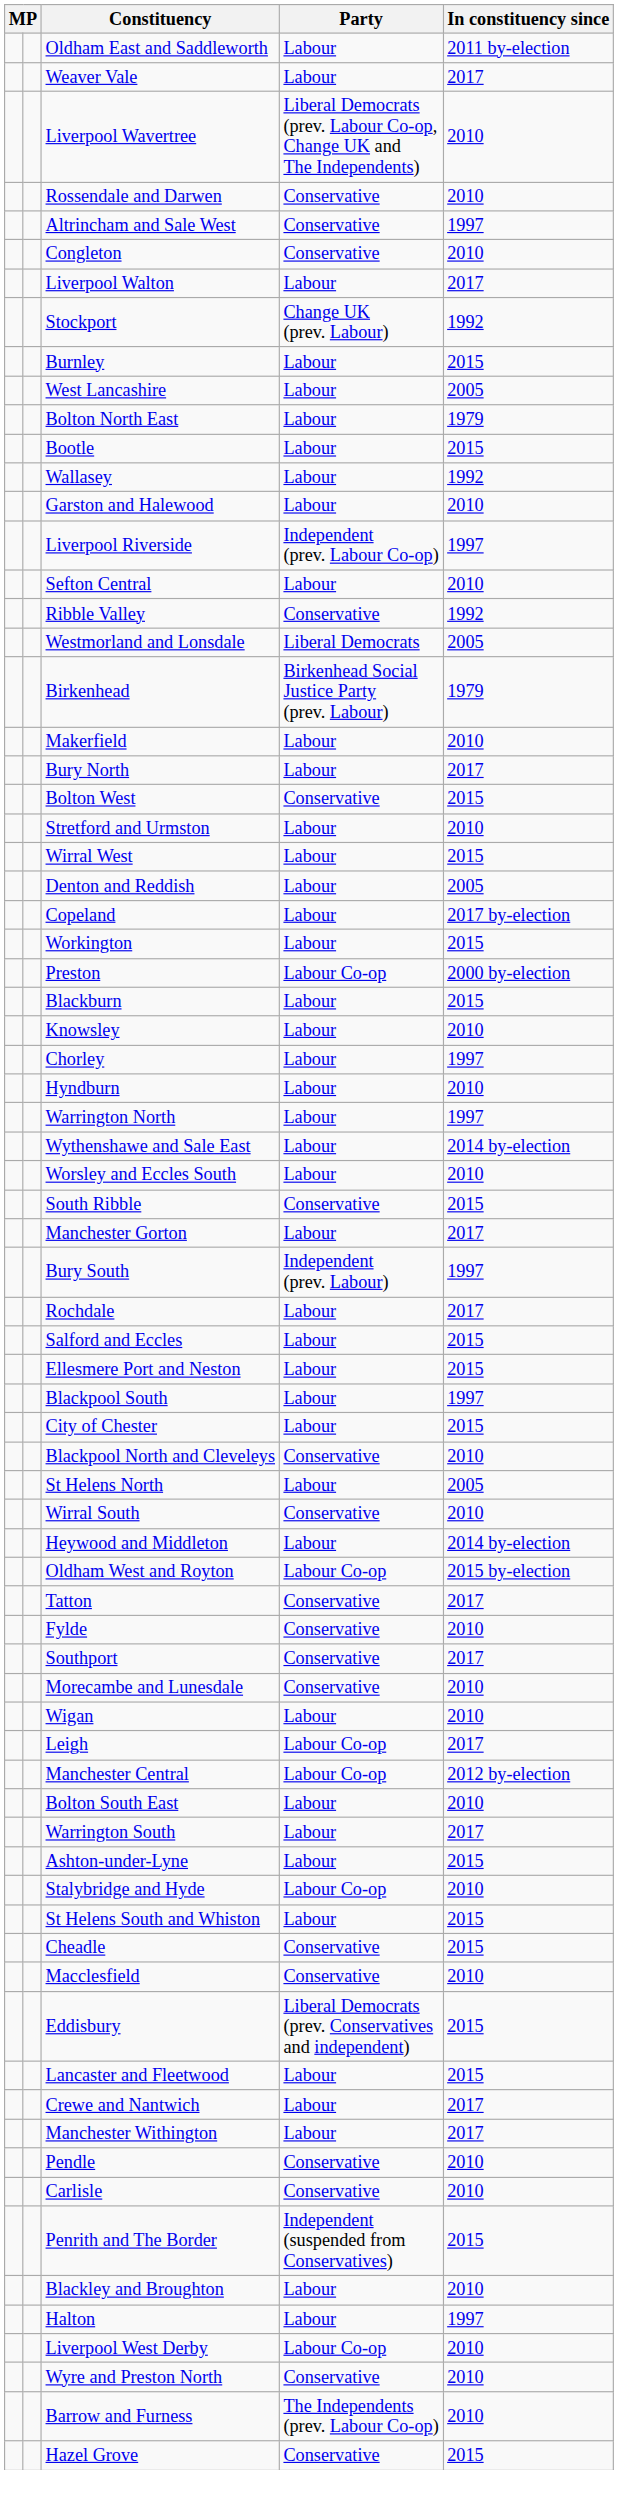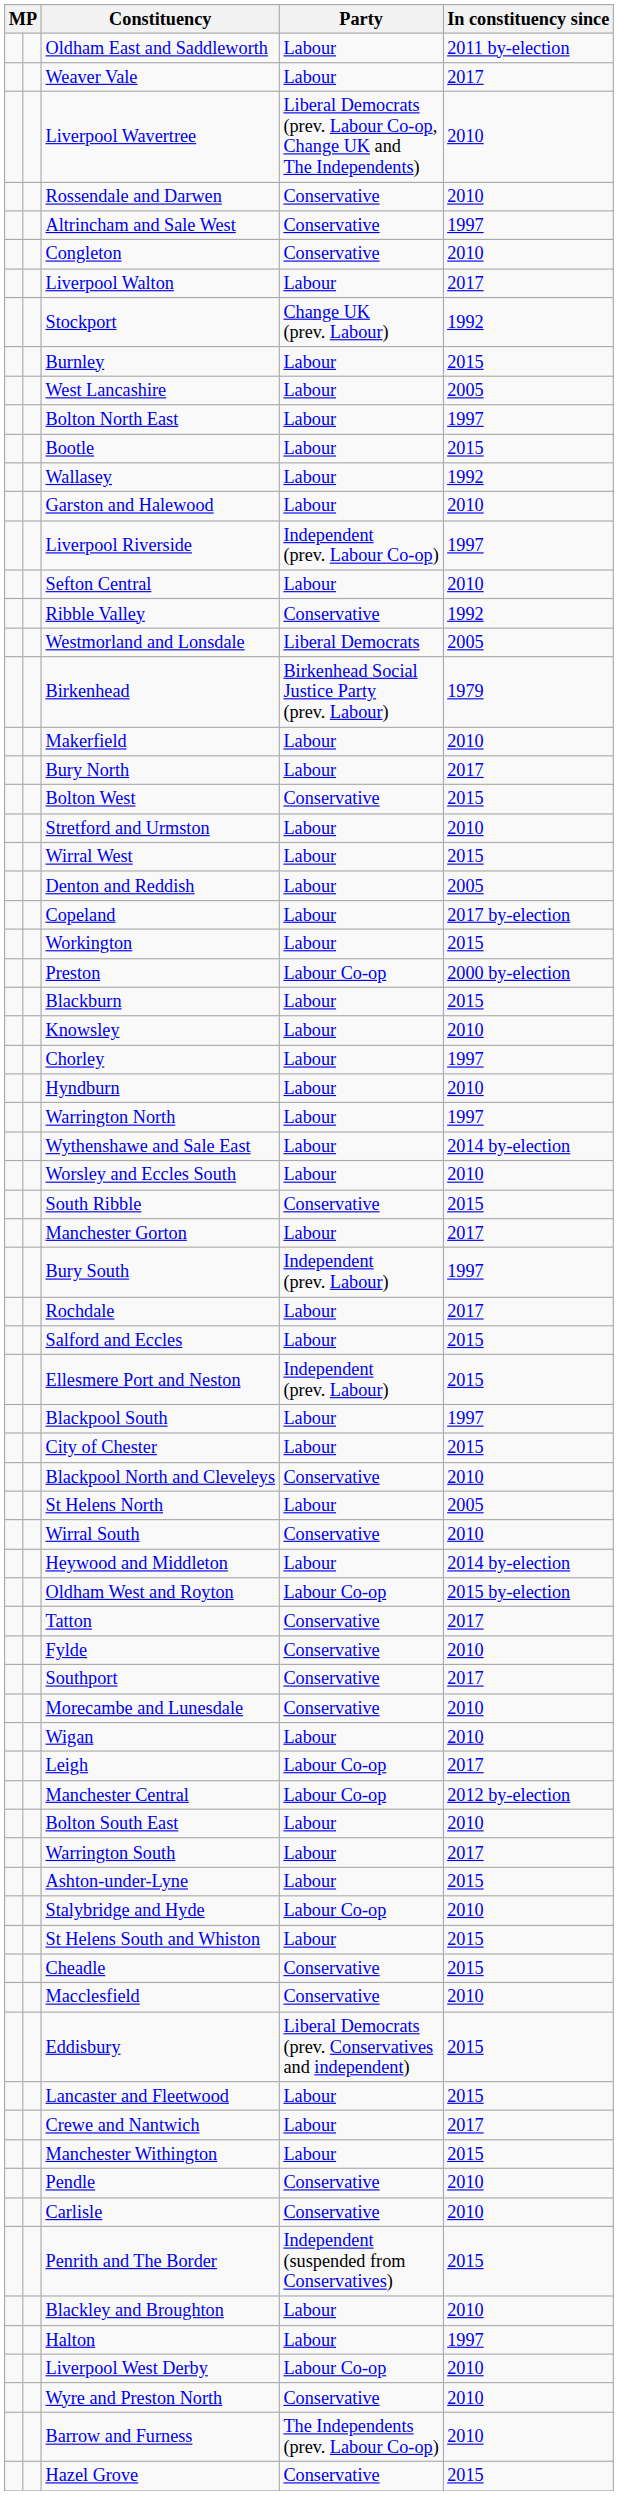 <table class="wikitable sortable">
 <tr>
 <th colspan=2>MP</th>
 <th>Constituency</th>
 <th>Party</th>
 <th>In constituency since</th>
 </tr>
 <tr>
 <td style="background-color: "></td>
 <td></td>
 <td><a href='#'>Oldham East and Saddleworth</a></td>
 <td><a href='#'>Labour</a></td>
 <td><a href='#'>2011 by-election</a></td>
 </tr>
 <tr>
 <td style="background-color: "></td>
 <td></td>
 <td><a href='#'>Weaver Vale</a></td>
 <td><a href='#'>Labour</a></td>
 <td><a href='#'>2017</a></td>
 </tr>
 <tr>
 <td></td>
 <td></td>
 <td><a href='#'>Liverpool Wavertree</a></td>
 <td><a href='#'>Liberal Democrats</a><br>(prev. <a href='#'>Labour Co-op</a>,<br><a href='#'>Change UK</a> and<br><a href='#'>The Independents</a>)</td>
 <td><a href='#'>2010</a></td>
 </tr>
 <tr>
 <td style="background-color: "></td>
 <td></td>
 <td><a href='#'>Rossendale and Darwen</a></td>
 <td><a href='#'>Conservative</a></td>
 <td><a href='#'>2010</a></td>
 </tr>
 <tr>
 <td style="background-color: "></td>
 <td></td>
 <td><a href='#'>Altrincham and Sale West</a></td>
 <td><a href='#'>Conservative</a></td>
 <td><a href='#'>1997</a></td>
 </tr>
 <tr>
 <td style="background-color: "></td>
 <td></td>
 <td><a href='#'>Congleton</a></td>
 <td><a href='#'>Conservative</a></td>
 <td><a href='#'>2010</a></td>
 </tr>
 <tr>
 <td style="background-color: "></td>
 <td></td>
 <td><a href='#'>Liverpool Walton</a></td>
 <td><a href='#'>Labour</a></td>
 <td><a href='#'>2017</a></td>
 </tr>
 <tr>
 <td style="background-color: "></td>
 <td></td>
 <td><a href='#'>Stockport</a></td>
 <td><a href='#'>Change UK</a><br>(prev. <a href='#'>Labour</a>)</td>
 <td><a href='#'>1992</a></td>
 </tr>
 <tr>
 <td style="background-color: "></td>
 <td></td>
 <td><a href='#'>Burnley</a></td>
 <td><a href='#'>Labour</a></td>
 <td><a href='#'>2015</a></td>
 </tr>
 <tr>
 <td style="background-color: "></td>
 <td></td>
 <td><a href='#'>West Lancashire</a></td>
 <td><a href='#'>Labour</a></td>
 <td><a href='#'>2005</a></td>
 </tr>
 <tr>
 <td style="background-color: "></td>
 <td></td>
 <td><a href='#'>Bolton North East</a></td>
 <td><a href='#'>Labour</a></td>
-<td><a href='#'>1979</a></td>
+<td><a href='#'>1997</a></td>
 </tr>
 <tr>
 <td style="background-color: "></td>
 <td></td>
 <td><a href='#'>Bootle</a></td>
 <td><a href='#'>Labour</a></td>
 <td><a href='#'>2015</a></td>
 </tr>
 <tr>
 <td style="background-color: "></td>
 <td></td>
 <td><a href='#'>Wallasey</a></td>
 <td><a href='#'>Labour</a></td>
 <td><a href='#'>1992</a></td>
 </tr>
 <tr>
 <td style="background-color: "></td>
 <td></td>
 <td><a href='#'>Garston and Halewood</a></td>
 <td><a href='#'>Labour</a></td>
 <td><a href='#'>2010</a></td>
 </tr>
 <tr>
 <td style="background-color: "></td>
 <td></td>
 <td><a href='#'>Liverpool Riverside</a></td>
 <td><a href='#'>Independent</a><br>(prev. <a href='#'>Labour Co-op</a>)</td>
 <td><a href='#'>1997</a></td>
 </tr>
 <tr>
 <td style="background-color: "></td>
 <td></td>
 <td><a href='#'>Sefton Central</a></td>
 <td><a href='#'>Labour</a></td>
 <td><a href='#'>2010</a></td>
 </tr>
 <tr>
 <td style="background-color: "></td>
 <td></td>
 <td><a href='#'>Ribble Valley</a></td>
 <td><a href='#'>Conservative</a></td>
 <td><a href='#'>1992</a></td>
 </tr>
 <tr>
 <td style="background-color: "></td>
 <td></td>
 <td><a href='#'>Westmorland and Lonsdale</a></td>
 <td><a href='#'>Liberal Democrats</a></td>
 <td><a href='#'>2005</a></td>
 </tr>
 <tr>
 <td style="background-color: "></td>
 <td></td>
 <td><a href='#'>Birkenhead</a></td>
 <td><a href='#'>Birkenhead Social<br>Justice Party</a><br>(prev. <a href='#'>Labour</a>)</td>
 <td><a href='#'>1979</a></td>
 </tr>
 <tr>
 <td style="background-color: "></td>
 <td></td>
 <td><a href='#'>Makerfield</a></td>
 <td><a href='#'>Labour</a></td>
 <td><a href='#'>2010</a></td>
 </tr>
 <tr>
 <td style="background-color: "></td>
 <td></td>
 <td><a href='#'>Bury North</a></td>
 <td><a href='#'>Labour</a></td>
 <td><a href='#'>2017</a></td>
 </tr>
 <tr>
 <td style="background-color: "></td>
 <td></td>
 <td><a href='#'>Bolton West</a></td>
 <td><a href='#'>Conservative</a></td>
 <td><a href='#'>2015</a></td>
 </tr>
 <tr>
 <td style="background-color: "></td>
 <td></td>
 <td><a href='#'>Stretford and Urmston</a></td>
 <td><a href='#'>Labour</a></td>
 <td><a href='#'>2010</a></td>
 </tr>
 <tr>
 <td style="background-color: "></td>
 <td></td>
 <td><a href='#'>Wirral West</a></td>
 <td><a href='#'>Labour</a></td>
 <td><a href='#'>2015</a></td>
 </tr>
 <tr>
 <td style="background-color: "></td>
 <td></td>
 <td><a href='#'>Denton and Reddish</a></td>
 <td><a href='#'>Labour</a></td>
 <td><a href='#'>2005</a></td>
 </tr>
 <tr>
 <td style="background-color: "></td>
 <td></td>
 <td><a href='#'>Copeland</a></td>
 <td><a href='#'>Labour</a></td>
 <td><a href='#'>2017 by-election</a></td>
 </tr>
 <tr>
 <td style="background-color: "></td>
 <td></td>
 <td><a href='#'>Workington</a></td>
 <td><a href='#'>Labour</a></td>
 <td><a href='#'>2015</a></td>
 </tr>
 <tr>
 <td style="background-color: "></td>
 <td></td>
 <td><a href='#'>Preston</a></td>
 <td><a href='#'>Labour Co-op</a></td>
 <td><a href='#'>2000 by-election</a></td>
 </tr>
 <tr>
 <td style="background-color: "></td>
 <td></td>
 <td><a href='#'>Blackburn</a></td>
 <td><a href='#'>Labour</a></td>
 <td><a href='#'>2015</a></td>
 </tr>
 <tr>
 <td style="background-color: "></td>
 <td></td>
 <td><a href='#'>Knowsley</a></td>
 <td><a href='#'>Labour</a></td>
 <td><a href='#'>2010</a></td>
 </tr>
 <tr>
 <td style="background-color: "></td>
 <td></td>
 <td><a href='#'>Chorley</a></td>
 <td><a href='#'>Labour</a></td>
 <td><a href='#'>1997</a></td>
 </tr>
 <tr>
 <td style="background-color: "></td>
 <td></td>
 <td><a href='#'>Hyndburn</a></td>
 <td><a href='#'>Labour</a></td>
 <td><a href='#'>2010</a></td>
 </tr>
 <tr>
 <td style="background-color: "></td>
 <td></td>
 <td><a href='#'>Warrington North</a></td>
 <td><a href='#'>Labour</a></td>
 <td><a href='#'>1997</a></td>
 </tr>
 <tr>
 <td style="background-color: "></td>
 <td></td>
 <td><a href='#'>Wythenshawe and Sale East</a></td>
 <td><a href='#'>Labour</a></td>
 <td><a href='#'>2014 by-election</a></td>
 </tr>
 <tr>
 <td style="background-color: "></td>
 <td></td>
 <td><a href='#'>Worsley and Eccles South</a></td>
 <td><a href='#'>Labour</a></td>
 <td><a href='#'>2010</a></td>
 </tr>
 <tr>
 <td style="background-color: "></td>
 <td></td>
 <td><a href='#'>South Ribble</a></td>
 <td><a href='#'>Conservative</a></td>
 <td><a href='#'>2015</a></td>
 </tr>
 <tr>
 <td style="background-color: "></td>
 <td></td>
 <td><a href='#'>Manchester Gorton</a></td>
 <td><a href='#'>Labour</a></td>
 <td><a href='#'>2017</a></td>
 </tr>
 <tr>
 <td style="background-color: "></td>
 <td></td>
 <td><a href='#'>Bury South</a></td>
 <td><a href='#'>Independent</a><br>(prev. <a href='#'>Labour</a>)</td>
 <td><a href='#'>1997</a></td>
 </tr>
 <tr>
 <td style="background-color: "></td>
 <td></td>
 <td><a href='#'>Rochdale</a></td>
 <td><a href='#'>Labour</a></td>
 <td><a href='#'>2017</a></td>
 </tr>
 <tr>
 <td style="background-color: "></td>
 <td></td>
 <td><a href='#'>Salford and Eccles</a></td>
 <td><a href='#'>Labour</a></td>
 <td><a href='#'>2015</a></td>
 </tr>
 <tr>
 <td style="background-color: "></td>
 <td></td>
 <td><a href='#'>Ellesmere Port and Neston</a></td>
-<td><a href='#'>Labour</a></td>
+<td><a href='#'>Independent</a><br>(prev. <a href='#'>Labour</a>)</td>
 <td><a href='#'>2015</a></td>
 </tr>
 <tr>
 <td style="background-color: "></td>
 <td></td>
 <td><a href='#'>Blackpool South</a></td>
 <td><a href='#'>Labour</a></td>
 <td><a href='#'>1997</a></td>
 </tr>
 <tr>
 <td style="background-color: "></td>
 <td></td>
 <td><a href='#'>City of Chester</a></td>
 <td><a href='#'>Labour</a></td>
 <td><a href='#'>2015</a></td>
 </tr>
 <tr>
 <td style="background-color: "></td>
 <td></td>
 <td><a href='#'>Blackpool North and Cleveleys</a></td>
 <td><a href='#'>Conservative</a></td>
 <td><a href='#'>2010</a></td>
 </tr>
 <tr>
 <td style="background-color: "></td>
 <td></td>
 <td><a href='#'>St Helens North</a></td>
 <td><a href='#'>Labour</a></td>
 <td><a href='#'>2005</a></td>
 </tr>
 <tr>
 <td style="background-color: "></td>
 <td></td>
 <td><a href='#'>Wirral South</a></td>
 <td><a href='#'>Conservative</a></td>
 <td><a href='#'>2010</a></td>
 </tr>
 <tr>
 <td style="background-color: "></td>
 <td></td>
 <td><a href='#'>Heywood and Middleton</a></td>
 <td><a href='#'>Labour</a></td>
 <td><a href='#'>2014 by-election</a></td>
 </tr>
 <tr>
 <td style="background-color: "></td>
 <td></td>
 <td><a href='#'>Oldham West and Royton</a></td>
 <td><a href='#'>Labour Co-op</a></td>
 <td><a href='#'>2015 by-election</a></td>
 </tr>
 <tr>
 <td style="background-color: "></td>
 <td></td>
 <td><a href='#'>Tatton</a></td>
 <td><a href='#'>Conservative</a></td>
 <td><a href='#'>2017</a></td>
 </tr>
 <tr>
 <td style="background-color: "></td>
 <td></td>
 <td><a href='#'>Fylde</a></td>
 <td><a href='#'>Conservative</a></td>
 <td><a href='#'>2010</a></td>
 </tr>
 <tr>
 <td style="background-color: "></td>
 <td></td>
 <td><a href='#'>Southport</a></td>
 <td><a href='#'>Conservative</a></td>
 <td><a href='#'>2017</a></td>
 </tr>
 <tr>
 <td style="background-color: "></td>
 <td></td>
 <td><a href='#'>Morecambe and Lunesdale</a></td>
 <td><a href='#'>Conservative</a></td>
 <td><a href='#'>2010</a></td>
 </tr>
 <tr>
 <td style="background-color: "></td>
 <td></td>
 <td><a href='#'>Wigan</a></td>
 <td><a href='#'>Labour</a></td>
 <td><a href='#'>2010</a></td>
 </tr>
 <tr>
 <td style="background-color: "></td>
 <td></td>
 <td><a href='#'>Leigh</a></td>
 <td><a href='#'>Labour Co-op</a></td>
 <td><a href='#'>2017</a></td>
 </tr>
 <tr>
 <td style="background-color: "></td>
 <td></td>
 <td><a href='#'>Manchester Central</a></td>
 <td><a href='#'>Labour Co-op</a></td>
 <td><a href='#'>2012 by-election</a></td>
 </tr>
 <tr>
 <td style="background-color: "></td>
 <td></td>
 <td><a href='#'>Bolton South East</a></td>
 <td><a href='#'>Labour</a></td>
 <td><a href='#'>2010</a></td>
 </tr>
 <tr>
 <td style="background-color: "></td>
 <td></td>
 <td><a href='#'>Warrington South</a></td>
 <td><a href='#'>Labour</a></td>
 <td><a href='#'>2017</a></td>
 </tr>
 <tr>
 <td style="background-color: "></td>
 <td></td>
 <td><a href='#'>Ashton-under-Lyne</a></td>
 <td><a href='#'>Labour</a></td>
 <td><a href='#'>2015</a></td>
 </tr>
 <tr>
 <td style="background-color: "></td>
 <td></td>
 <td><a href='#'>Stalybridge and Hyde</a></td>
 <td><a href='#'>Labour Co-op</a></td>
 <td><a href='#'>2010</a></td>
 </tr>
 <tr>
 <td style="background-color: "></td>
 <td></td>
 <td><a href='#'>St Helens South and Whiston</a></td>
 <td><a href='#'>Labour</a></td>
 <td><a href='#'>2015</a></td>
 </tr>
 <tr>
 <td style="background-color: "></td>
 <td></td>
 <td><a href='#'>Cheadle</a></td>
 <td><a href='#'>Conservative</a></td>
 <td><a href='#'>2015</a></td>
 </tr>
 <tr>
 <td style="background-color: "></td>
 <td></td>
 <td><a href='#'>Macclesfield</a></td>
 <td><a href='#'>Conservative</a></td>
 <td><a href='#'>2010</a></td>
 </tr>
 <tr>
 <td style="background-color: "></td>
 <td></td>
 <td><a href='#'>Eddisbury</a></td>
 <td><a href='#'>Liberal Democrats</a><br>(prev. <a href='#'>Conservatives</a><br>and <a href='#'>independent</a>)</td>
 <td><a href='#'>2015</a></td>
 </tr>
 <tr>
 <td style="background-color: "></td>
 <td></td>
 <td><a href='#'>Lancaster and Fleetwood</a></td>
 <td><a href='#'>Labour</a></td>
 <td><a href='#'>2015</a></td>
 </tr>
 <tr>
 <td style="background-color: "></td>
 <td></td>
 <td><a href='#'>Crewe and Nantwich</a></td>
 <td><a href='#'>Labour</a></td>
 <td><a href='#'>2017</a></td>
 </tr>
 <tr>
 <td style="background-color: "></td>
 <td></td>
 <td><a href='#'>Manchester Withington</a></td>
 <td><a href='#'>Labour</a></td>
-<td><a href='#'>2017</a></td>
+<td><a href='#'>2015</a></td>
 </tr>
 <tr>
 <td style="background-color: "></td>
 <td></td>
 <td><a href='#'>Pendle</a></td>
 <td><a href='#'>Conservative</a></td>
 <td><a href='#'>2010</a></td>
 </tr>
 <tr>
 <td style="background-color: "></td>
 <td></td>
 <td><a href='#'>Carlisle</a></td>
 <td><a href='#'>Conservative</a></td>
 <td><a href='#'>2010</a></td>
 </tr>
 <tr>
 <td style="background-color: "></td>
 <td></td>
 <td><a href='#'>Penrith and The Border</a></td>
 <td><a href='#'>Independent</a><br>(suspended from<br><a href='#'>Conservatives</a>)</td>
 <td><a href='#'>2015</a></td>
 </tr>
 <tr>
 <td style="background-color: "></td>
 <td></td>
 <td><a href='#'>Blackley and Broughton</a></td>
 <td><a href='#'>Labour</a></td>
 <td><a href='#'>2010</a></td>
 </tr>
 <tr>
 <td style="background-color: "></td>
 <td></td>
 <td><a href='#'>Halton</a></td>
 <td><a href='#'>Labour</a></td>
 <td><a href='#'>1997</a></td>
 </tr>
 <tr>
 <td style="background-color: "></td>
 <td></td>
 <td><a href='#'>Liverpool West Derby</a></td>
 <td><a href='#'>Labour Co-op</a></td>
 <td><a href='#'>2010</a></td>
 </tr>
 <tr>
 <td style="background-color: "></td>
 <td></td>
 <td><a href='#'>Wyre and Preston North</a></td>
 <td><a href='#'>Conservative</a></td>
 <td><a href='#'>2010</a></td>
 </tr>
 <tr>
 <td style="background-color: "></td>
 <td></td>
 <td><a href='#'>Barrow and Furness</a></td>
 <td><a href='#'>The Independents</a><br>(prev. <a href='#'>Labour Co-op</a>)</td>
 <td><a href='#'>2010</a></td>
 </tr>
 <tr>
 <td style="background-color: "></td>
 <td></td>
 <td><a href='#'>Hazel Grove</a></td>
 <td><a href='#'>Conservative</a></td>
 <td><a href='#'>2015</a></td>
 </tr>
 </table>
